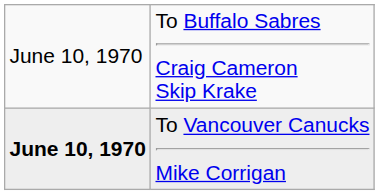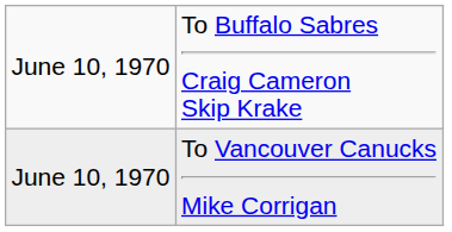 <table class="wikitable">
 <tr>
 <td>June 10, 1970</td>
 <td valign="top">To <a href='#'>Buffalo Sabres</a><hr><a href='#'>Craig Cameron</a> <br> <a href='#'>Skip Krake</a></td>
 </tr>
 <tr style="background:#eee;">
-<td><strong>June 10, 1970</strong></td>
+<td>June 10, 1970</td>
 <td valign="top">To <a href='#'>Vancouver Canucks</a><hr><a href='#'>Mike Corrigan</a></td>
 </tr>
 </table>
